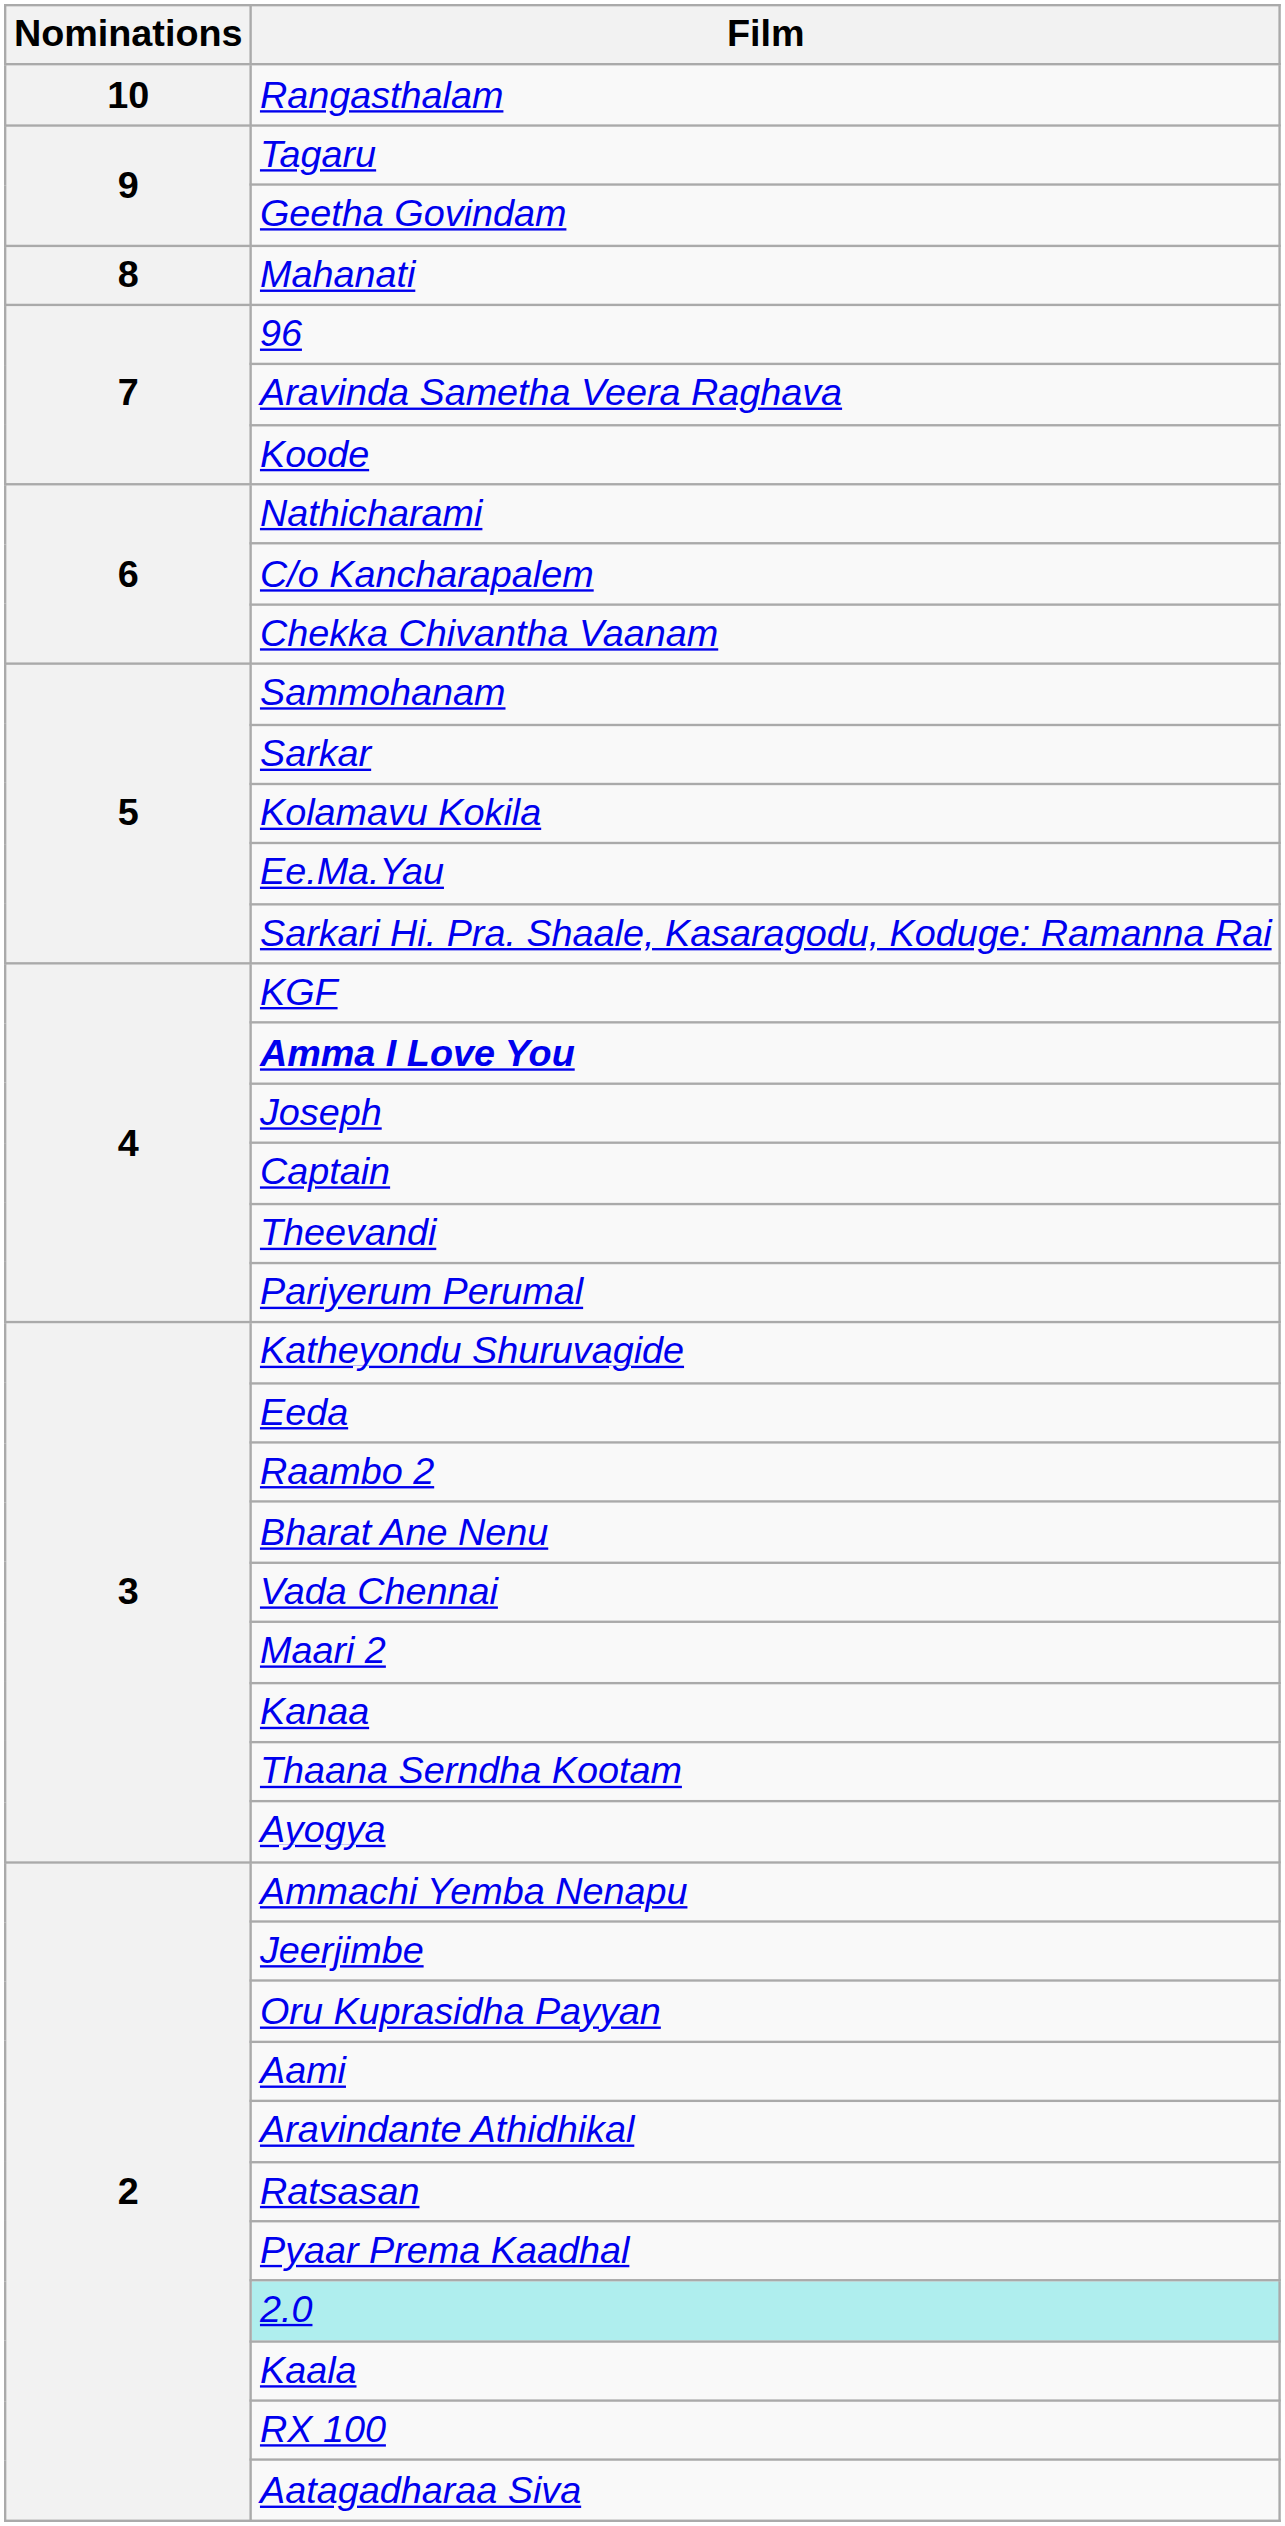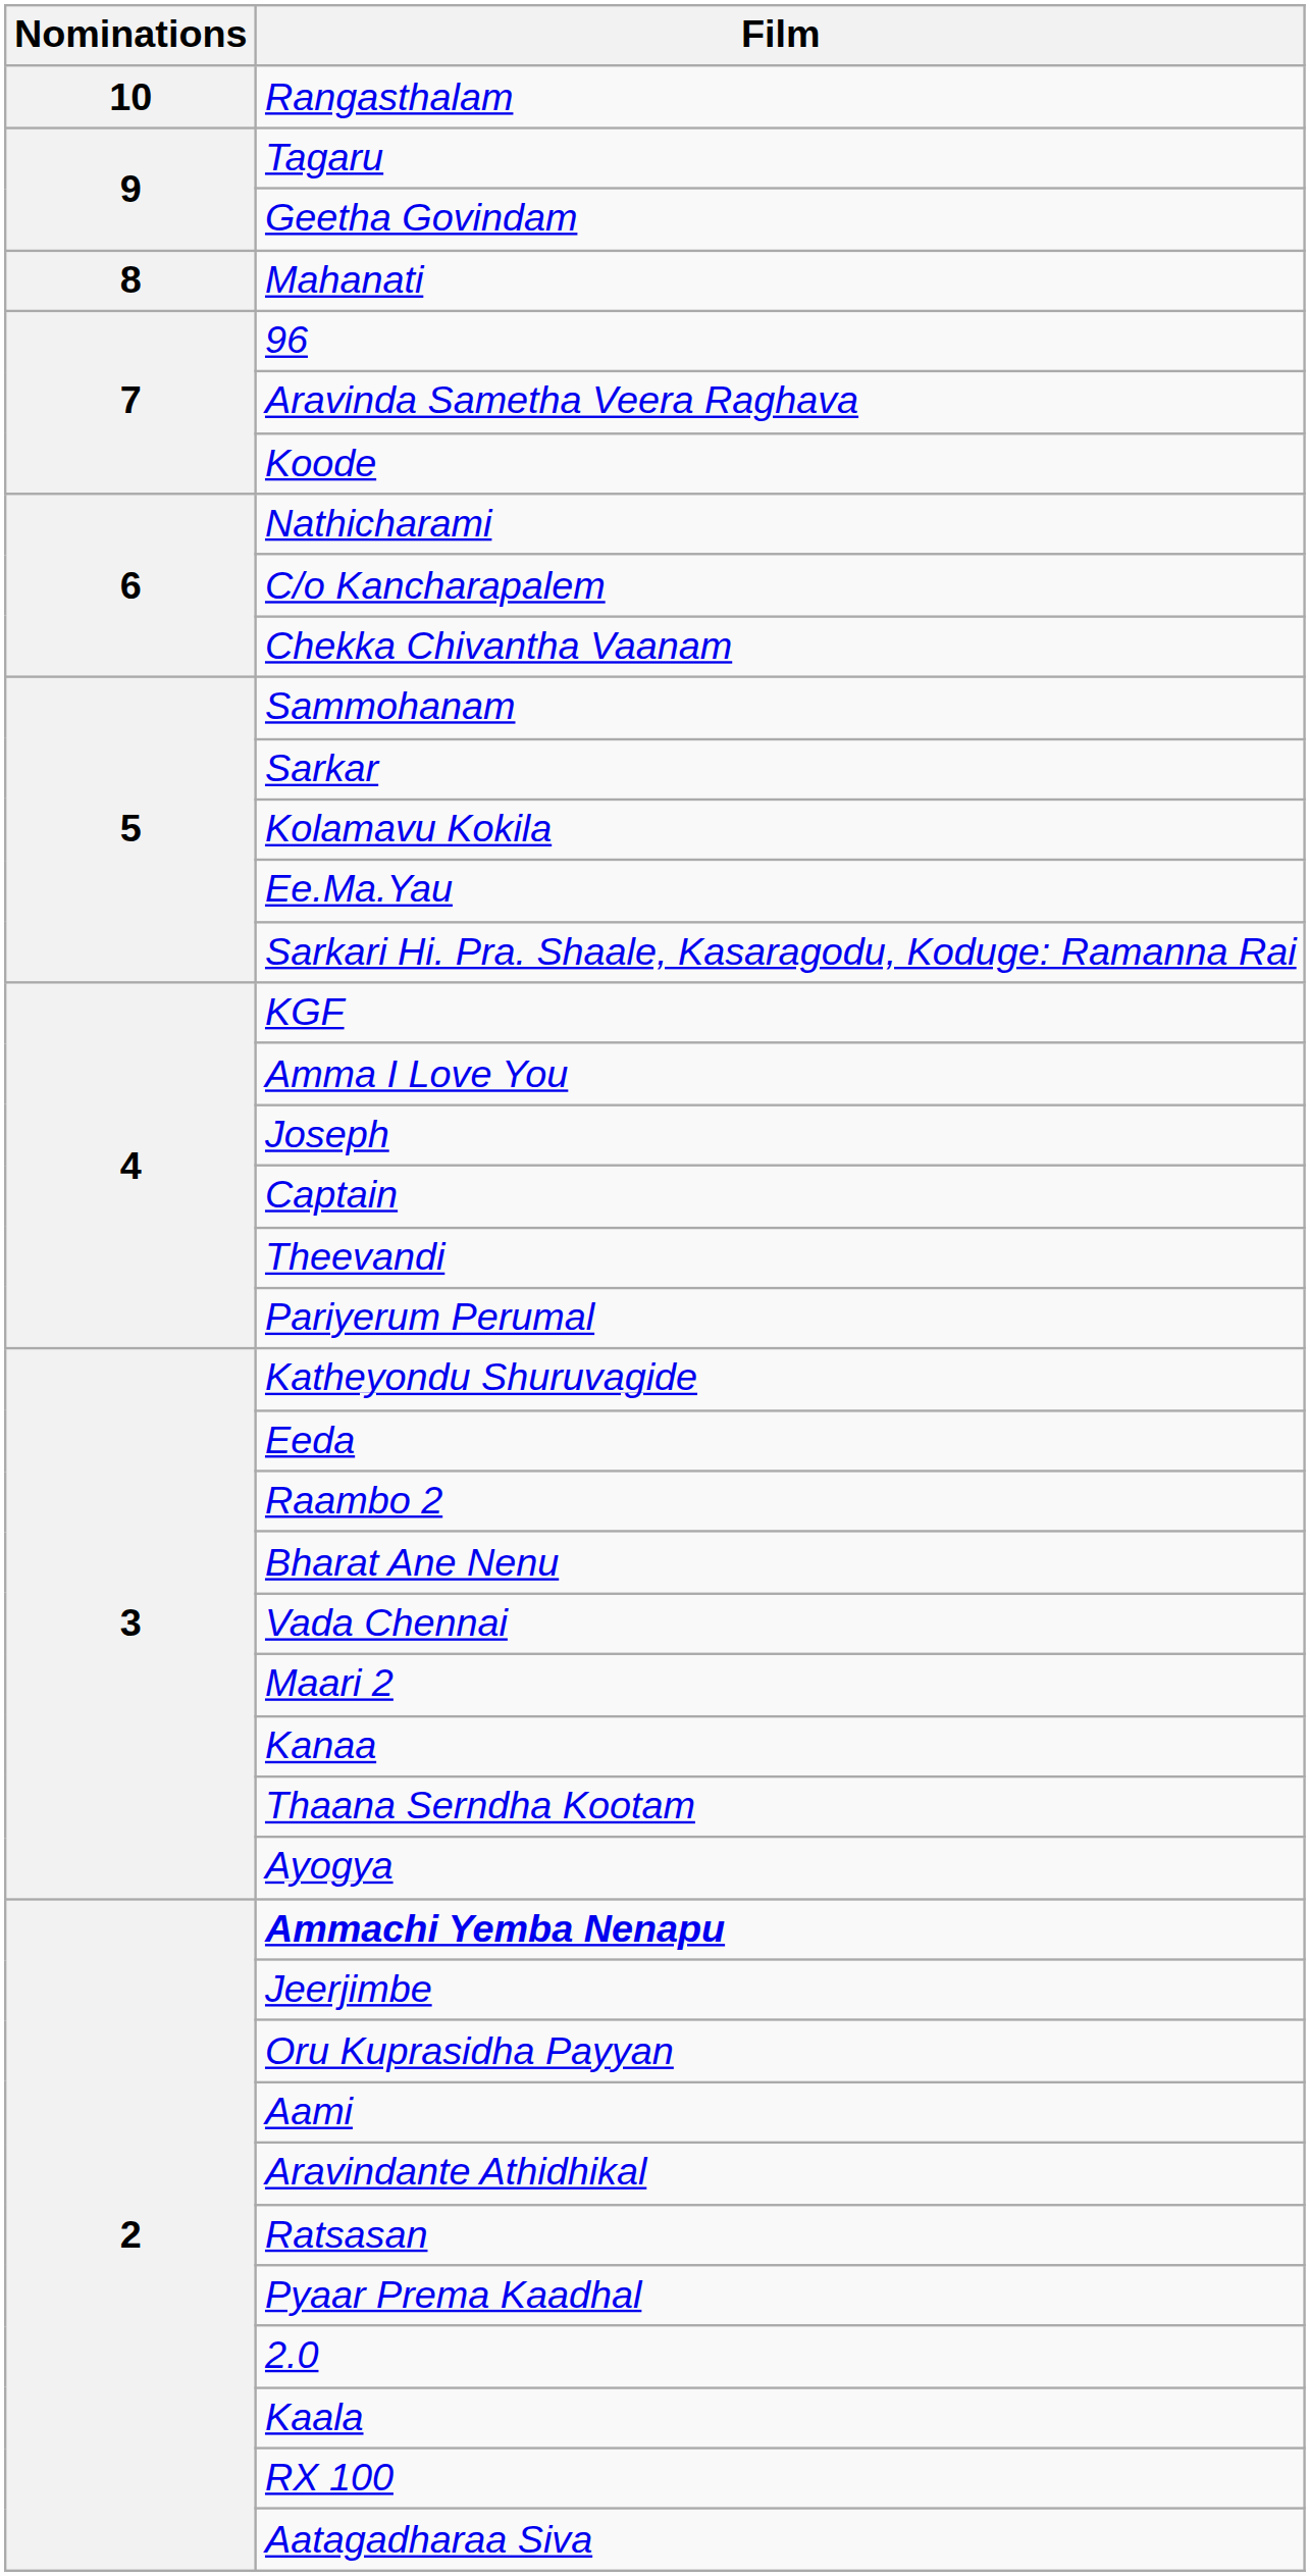 <table class="wikitable">
 <tr>
 <th>Nominations</th>
 <th>Film</th>
 </tr>
 <tr>
 <th scope=row>10</th>
 <td><em><a href='#'>Rangasthalam</a></em></td>
 </tr>
 <tr>
 <th scope=row rowspan=2>9</th>
 <td><em><a href='#'>Tagaru</a></em></td>
 </tr>
 <tr>
 <td><em><a href='#'>Geetha Govindam</a></em></td>
 </tr>
 <tr>
 <th scope=rowspan=1>8</th>
 <td><em><a href='#'>Mahanati</a></em></td>
 </tr>
 <tr>
 <th scope=row rowspan=3>7</th>
 <td><em><a href='#'>96</a></em></td>
 </tr>
 <tr>
 <td><em><a href='#'>Aravinda Sametha Veera Raghava</a></em></td>
 </tr>
 <tr>
 <td><em><a href='#'>Koode</a></em></td>
 </tr>
 <tr>
 <th scope=row rowspan=3>6</th>
 <td><em><a href='#'>Nathicharami</a></em></td>
 </tr>
 <tr>
 <td><em><a href='#'>C/o Kancharapalem</a></em></td>
 </tr>
 <tr>
 <td><em><a href='#'>Chekka Chivantha Vaanam</a></em></td>
 </tr>
 <tr>
 <th scope=row rowspan=5>5</th>
 <td><em><a href='#'>Sammohanam</a></em></td>
 </tr>
 <tr>
 <td><em><a href='#'>Sarkar</a></em></td>
 </tr>
 <tr>
 <td><em><a href='#'>Kolamavu Kokila</a></em></td>
 </tr>
 <tr>
 <td><em><a href='#'>Ee.Ma.Yau</a></em></td>
 </tr>
 <tr>
 <td><em><a href='#'>Sarkari Hi. Pra. Shaale, Kasaragodu, Koduge: Ramanna Rai</a></em></td>
 </tr>
 <tr>
 <th scope=row rowspan=6>4</th>
 <td><em><a href='#'>KGF</a></em></td>
 </tr>
 <tr>
-<td><strong><em><a href='#'>Amma I Love You </a></em></strong></td>
+<td><em><a href='#'>Amma I Love You </a></em></td>
 </tr>
 <tr>
 <td><em><a href='#'>Joseph</a></em></td>
 </tr>
 <tr>
 <td><em><a href='#'>Captain</a></em></td>
 </tr>
 <tr>
 <td><em><a href='#'>Theevandi</a></em></td>
 </tr>
 <tr>
 <td><em><a href='#'>Pariyerum Perumal</a></em></td>
 </tr>
 <tr>
 <th scope=row rowspan=9>3</th>
 <td><em><a href='#'>Katheyondu Shuruvagide</a></em></td>
 </tr>
 <tr>
 <td><em><a href='#'>Eeda</a></em></td>
 </tr>
 <tr>
 <td><em><a href='#'>Raambo 2</a></em></td>
 </tr>
 <tr>
 <td><em><a href='#'>Bharat Ane Nenu</a></em></td>
 </tr>
 <tr>
 <td><em><a href='#'>Vada Chennai</a></em></td>
 </tr>
 <tr>
 <td><em><a href='#'>Maari 2</a></em></td>
 </tr>
 <tr>
 <td><em><a href='#'>Kanaa</a></em></td>
 </tr>
 <tr>
 <td><em><a href='#'>Thaana Serndha Kootam</a></em></td>
 </tr>
 <tr>
 <td><em><a href='#'>Ayogya</a></em></td>
 </tr>
 <tr>
 <th scope=row rowspan=11>2</th>
-<td><em><a href='#'>Ammachi Yemba Nenapu</a></em></td>
+<td><strong><em><a href='#'>Ammachi Yemba Nenapu</a></em></strong></td>
 </tr>
 <tr>
 <td><em><a href='#'>Jeerjimbe</a></em></td>
 </tr>
 <tr>
 <td><em><a href='#'>Oru Kuprasidha Payyan</a></em></td>
 </tr>
 <tr>
 <td><em><a href='#'>Aami</a></em></td>
 </tr>
 <tr>
 <td><em><a href='#'>Aravindante Athidhikal</a></em></td>
 </tr>
 <tr>
 <td><em><a href='#'>Ratsasan</a></em></td>
 </tr>
 <tr>
 <td><em><a href='#'>Pyaar Prema Kaadhal</a></em></td>
 </tr>
 <tr>
-<td style="background: paleturquoise;"><em><a href='#'>2.0</a></em></td>
+<td><em><a href='#'>2.0</a></em></td>
 </tr>
 <tr>
 <td><em><a href='#'>Kaala</a></em></td>
 </tr>
 <tr>
 <td><em><a href='#'>RX 100</a></em></td>
 </tr>
 <tr>
 <td><em><a href='#'>Aatagadharaa Siva</a></em></td>
 </tr>
 <tr>
 </tr>
 </table>
